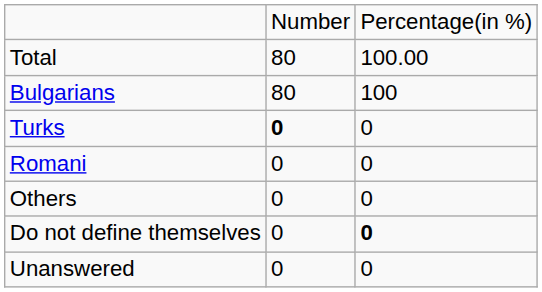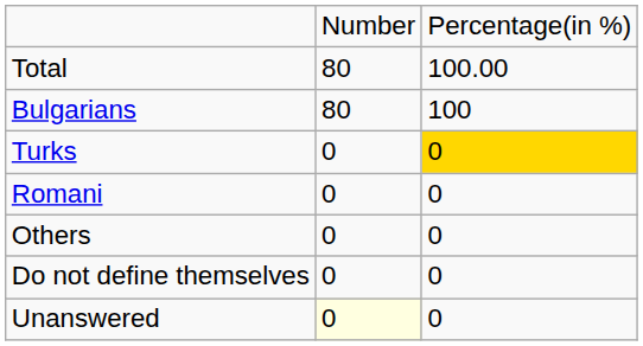 <table class="wikitable">
 <tr>
 <td></td>
 <td>Number</td>
 <td>Percentage(in %)</td>
 </tr>
 <tr>
 <td>Total</td>
 <td>80</td>
 <td>100.00</td>
 </tr>
 <tr>
 <td><a href='#'>Bulgarians</a></td>
 <td>80</td>
 <td>100</td>
 </tr>
 <tr>
 <td><a href='#'>Turks</a></td>
-<td><strong>0</strong></td>
 <td>0</td>
+<td style="background: gold;">0</td>
 </tr>
 <tr>
 <td><a href='#'>Romani</a></td>
 <td>0</td>
 <td>0</td>
 </tr>
 <tr>
 <td>Others</td>
 <td>0</td>
 <td>0</td>
 </tr>
 <tr>
 <td>Do not define themselves</td>
 <td>0</td>
-<td><strong>0</strong></td>
+<td>0</td>
 </tr>
 <tr>
 <td>Unanswered</td>
-<td>0</td>
+<td style="background: lightyellow;">0</td>
 <td>0</td>
 </tr>
 </table>
